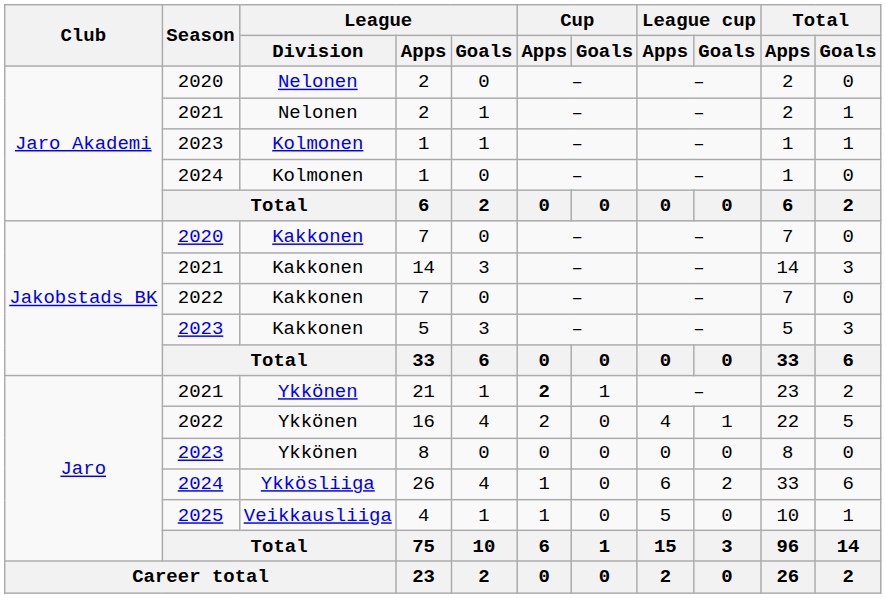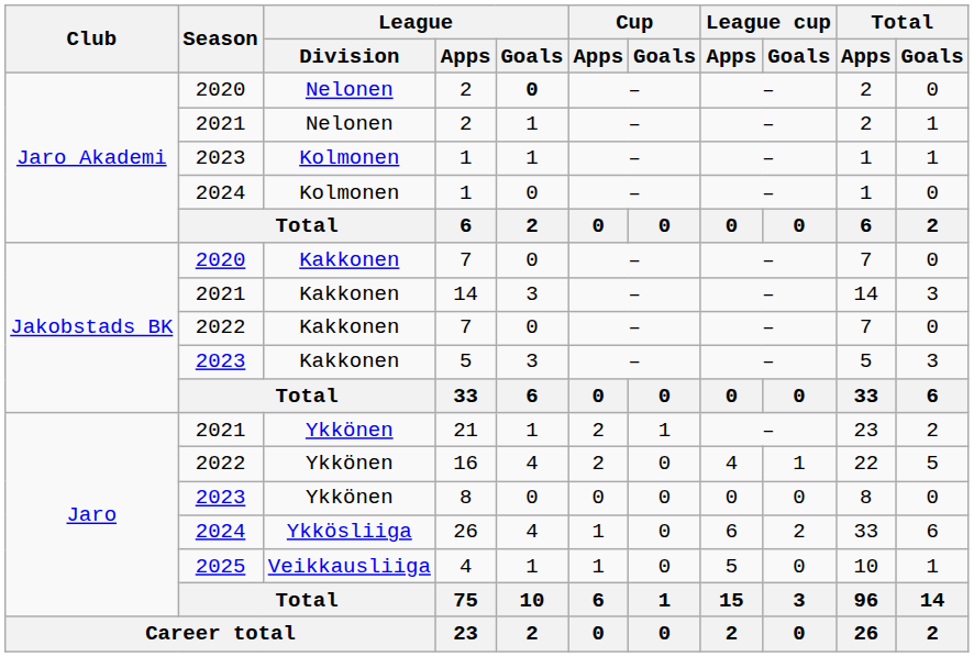 <table class="wikitable" style="text-align:center">
 <tr>
 <th rowspan="2">Club</th>
 <th rowspan="2">Season</th>
 <th colspan="3">League</th>
 <th colspan="2">Cup</th>
 <th colspan="2">League cup</th>
 <th colspan="2">Total</th>
 </tr>
 <tr>
 <th>Division</th>
 <th>Apps</th>
 <th>Goals</th>
 <th>Apps</th>
 <th>Goals</th>
 <th>Apps</th>
 <th>Goals</th>
 <th>Apps</th>
 <th>Goals</th>
 </tr>
 <tr>
 <td rowspan=5><a href='#'>Jaro Akademi</a></td>
 <td>2020</td>
 <td><a href='#'>Nelonen</a></td>
 <td>2</td>
-<td>0</td>
+<td><strong>0</strong></td>
 <td colspan=2>–</td>
 <td colspan=2>–</td>
 <td>2</td>
 <td>0</td>
 </tr>
 <tr>
 <td>2021</td>
 <td>Nelonen</td>
 <td>2</td>
 <td>1</td>
 <td colspan=2>–</td>
 <td colspan=2>–</td>
 <td>2</td>
 <td>1</td>
 </tr>
 <tr>
 <td>2023</td>
 <td><a href='#'>Kolmonen</a></td>
 <td>1</td>
 <td>1</td>
 <td colspan=2>–</td>
 <td colspan=2>–</td>
 <td>1</td>
 <td>1</td>
 </tr>
 <tr>
 <td>2024</td>
 <td>Kolmonen</td>
 <td>1</td>
 <td>0</td>
 <td colspan=2>–</td>
 <td colspan=2>–</td>
 <td>1</td>
 <td>0</td>
 </tr>
 <tr>
 <th colspan=2>Total</th>
 <th>6</th>
 <th>2</th>
 <th>0</th>
 <th>0</th>
 <th>0</th>
 <th>0</th>
 <th>6</th>
 <th>2</th>
 </tr>
 <tr>
 <td rowspan=5><a href='#'>Jakobstads BK</a></td>
 <td><a href='#'>2020</a></td>
 <td><a href='#'>Kakkonen</a></td>
 <td>7</td>
 <td>0</td>
 <td colspan=2>–</td>
 <td colspan=2>–</td>
 <td>7</td>
 <td>0</td>
 </tr>
 <tr>
 <td>2021</td>
 <td>Kakkonen</td>
 <td>14</td>
 <td>3</td>
 <td colspan=2>–</td>
 <td colspan=2>–</td>
 <td>14</td>
 <td>3</td>
 </tr>
 <tr>
 <td>2022</td>
 <td>Kakkonen</td>
 <td>7</td>
 <td>0</td>
 <td colspan=2>–</td>
 <td colspan=2>–</td>
 <td>7</td>
 <td>0</td>
 </tr>
 <tr>
 <td><a href='#'>2023</a></td>
 <td>Kakkonen</td>
 <td>5</td>
 <td>3</td>
 <td colspan=2>–</td>
 <td colspan=2>–</td>
 <td>5</td>
 <td>3</td>
 </tr>
 <tr>
 <th colspan=2>Total</th>
 <th>33</th>
 <th>6</th>
 <th>0</th>
 <th>0</th>
 <th>0</th>
 <th>0</th>
 <th>33</th>
 <th>6</th>
 </tr>
 <tr>
 <td rowspan=6><a href='#'>Jaro</a></td>
 <td>2021</td>
 <td><a href='#'>Ykkönen</a></td>
 <td>21</td>
 <td>1</td>
-<td><strong>2</strong></td>
+<td>2</td>
 <td>1</td>
 <td colspan=2>–</td>
 <td>23</td>
 <td>2</td>
 </tr>
 <tr>
 <td>2022</td>
 <td>Ykkönen</td>
 <td>16</td>
 <td>4</td>
 <td>2</td>
 <td>0</td>
 <td>4</td>
 <td>1</td>
 <td>22</td>
 <td>5</td>
 </tr>
 <tr>
 <td><a href='#'>2023</a></td>
 <td>Ykkönen</td>
 <td>8</td>
 <td>0</td>
 <td>0</td>
 <td>0</td>
 <td>0</td>
 <td>0</td>
 <td>8</td>
 <td>0</td>
 </tr>
 <tr>
 <td><a href='#'>2024</a></td>
 <td><a href='#'>Ykkösliiga</a></td>
 <td>26</td>
 <td>4</td>
 <td>1</td>
 <td>0</td>
 <td>6</td>
 <td>2</td>
 <td>33</td>
 <td>6</td>
 </tr>
 <tr>
 <td><a href='#'>2025</a></td>
 <td><a href='#'>Veikkausliiga</a></td>
 <td>4</td>
 <td>1</td>
 <td>1</td>
 <td>0</td>
 <td>5</td>
 <td>0</td>
 <td>10</td>
 <td>1</td>
 </tr>
 <tr>
 <th colspan=2>Total</th>
 <th>75</th>
 <th>10</th>
 <th>6</th>
 <th>1</th>
 <th>15</th>
 <th>3</th>
 <th>96</th>
 <th>14</th>
 </tr>
 <tr>
 <th colspan="3">Career total</th>
 <th>23</th>
 <th>2</th>
 <th>0</th>
 <th>0</th>
 <th>2</th>
 <th>0</th>
 <th>26</th>
 <th>2</th>
 </tr>
 </table>
